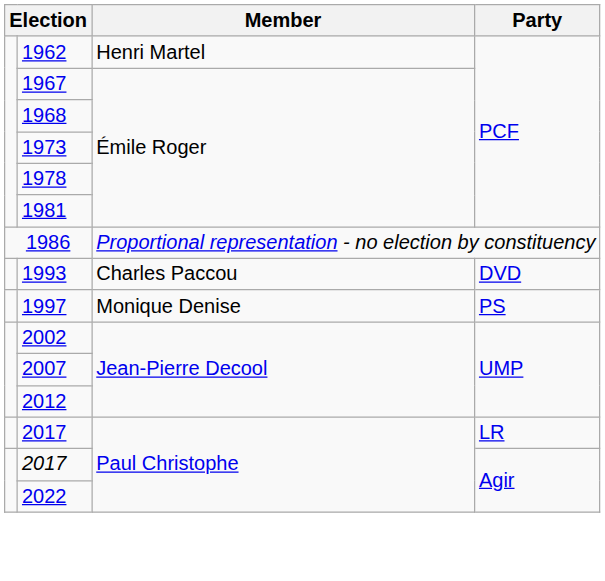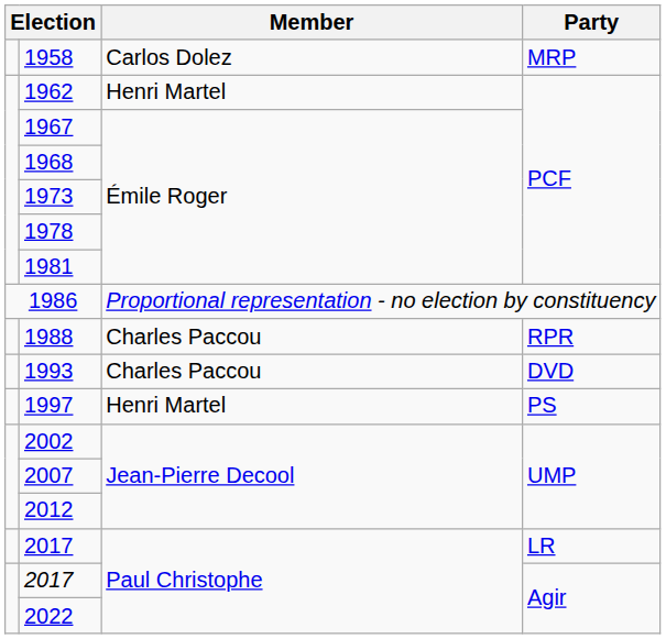 <table class="wikitable">
 <tr>
 <th colspan="2">Election</th>
 <th>Member</th>
 <th>Party</th>
+</tr>
+<tr>
+<td style="color:inherit;background-color: "></td>
+<td><a href='#'>1958</a></td>
+<td>Carlos Dolez</td>
+<td><a href='#'>MRP</a></td>
 </tr>
 <tr>
 <td rowspan="6" style="color:inherit;background-color: "></td>
 <td><a href='#'>1962</a></td>
 <td>Henri Martel</td>
 <td rowspan="6"><a href='#'>PCF</a></td>
 </tr>
 <tr>
 <td><a href='#'>1967</a></td>
 <td rowspan="5">Émile Roger</td>
 </tr>
 <tr>
 <td><a href='#'>1968</a></td>
 </tr>
 <tr>
 <td><a href='#'>1973</a></td>
 </tr>
 <tr>
 <td><a href='#'>1978</a></td>
 </tr>
 <tr>
 <td><a href='#'>1981</a></td>
 </tr>
 <tr>
 <td colspan="2" align="center"><a href='#'>1986</a></td>
 <td colspan="2"><em><a href='#'>Proportional representation</a> - no election by constituency</em></td>
 </tr>
 <tr>
 <td style="color:inherit;background-color: "></td>
+<td><a href='#'>1988</a></td>
+<td>Charles Paccou</td>
+<td><a href='#'>RPR</a></td>
+</tr>
+<tr>
+<td style="color:inherit;background-color: "></td>
 <td><a href='#'>1993</a></td>
 <td>Charles Paccou</td>
 <td><a href='#'>DVD</a></td>
 </tr>
 <tr>
 <td style="color:inherit;background-color: "></td>
 <td><a href='#'>1997</a></td>
-<td>Monique Denise</td>
+<td>Henri Martel</td>
 <td><a href='#'>PS</a></td>
 </tr>
 <tr>
 <td rowspan="3" style="color:inherit;background-color: "></td>
 <td><a href='#'>2002</a></td>
 <td rowspan="3"><a href='#'>Jean-Pierre Decool</a></td>
 <td rowspan="3"><a href='#'>UMP</a></td>
 </tr>
 <tr>
 <td><a href='#'>2007</a></td>
 </tr>
 <tr>
 <td><a href='#'>2012</a></td>
 </tr>
 <tr>
 <td style="color:inherit;background-color: "></td>
 <td><a href='#'>2017</a></td>
 <td rowspan="3"><a href='#'>Paul Christophe</a></td>
 <td><a href='#'>LR</a></td>
 </tr>
 <tr>
 <td rowspan="2" style="color:inherit;background-color: "></td>
 <td><em>2017</em></td>
 <td rowspan="2"><a href='#'>Agir</a></td>
 </tr>
 <tr>
 <td><a href='#'>2022</a></td>
 </tr>
 </table>
